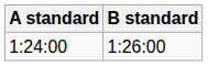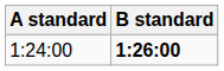 <table class="wikitable" border="1" align="upright">
 <tr>
 <th>A standard</th>
 <th>B standard</th>
 </tr>
 <tr>
 <td>1:24:00</td>
-<td>1:26:00</td>
+<td><strong>1:26:00</strong></td>
 </tr>
 </table>
